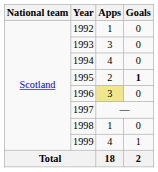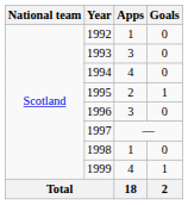 <table class="wikitable" style="text-align:center">
 <tr>
 <th>National team</th>
 <th>Year</th>
 <th>Apps</th>
 <th>Goals</th>
 </tr>
 <tr>
 <td rowspan="8"><a href='#'>Scotland</a></td>
 <td>1992</td>
 <td>1</td>
 <td>0</td>
 </tr>
 <tr>
 <td>1993</td>
 <td>3</td>
 <td>0</td>
 </tr>
 <tr>
 <td>1994</td>
 <td>4</td>
 <td>0</td>
 </tr>
 <tr>
 <td>1995</td>
 <td>2</td>
-<td><strong>1</strong></td>
+<td>1</td>
 </tr>
 <tr>
 <td>1996</td>
-<td style="background: khaki;">3</td>
+<td>3</td>
 <td>0</td>
 </tr>
 <tr>
 <td>1997</td>
 <td colspan="2">—</td>
 </tr>
 <tr>
 <td>1998</td>
 <td>1</td>
 <td>0</td>
 </tr>
 <tr>
 <td>1999</td>
 <td>4</td>
 <td>1</td>
 </tr>
 <tr>
 <th colspan="2">Total</th>
 <th>18</th>
 <th>2</th>
 </tr>
 </table>
